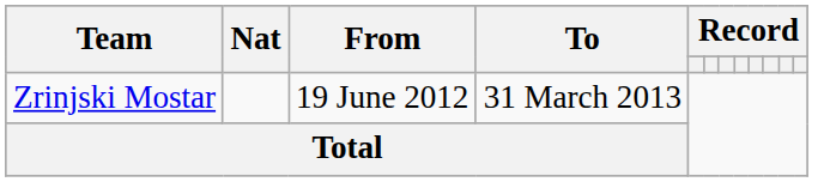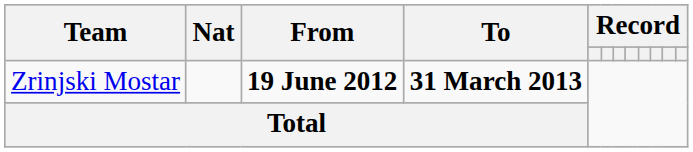 <table class="wikitable" style="text-align: center">
 <tr>
 <th rowspan="2">Team</th>
 <th rowspan="2">Nat</th>
 <th rowspan="2">From</th>
 <th rowspan="2">To</th>
 <th colspan="8">Record</th>
 </tr>
 <tr>
 <th></th>
 <th></th>
 <th></th>
 <th></th>
 <th></th>
 <th></th>
 <th></th>
 <th></th>
 </tr>
 <tr>
 <td align="left"><a href='#'>Zrinjski Mostar</a></td>
 <td align="center"></td>
-<td align="left">19 June 2012</td>
-<td align="left">31 March 2013<br></td>
+<td align="left"><strong>19 June 2012</strong></td>
+<td align="left"><strong>31 March 2013<br></strong></td>
 </tr>
 <tr>
 <th colspan="4">Total<br></th>
 </tr>
 </table>
